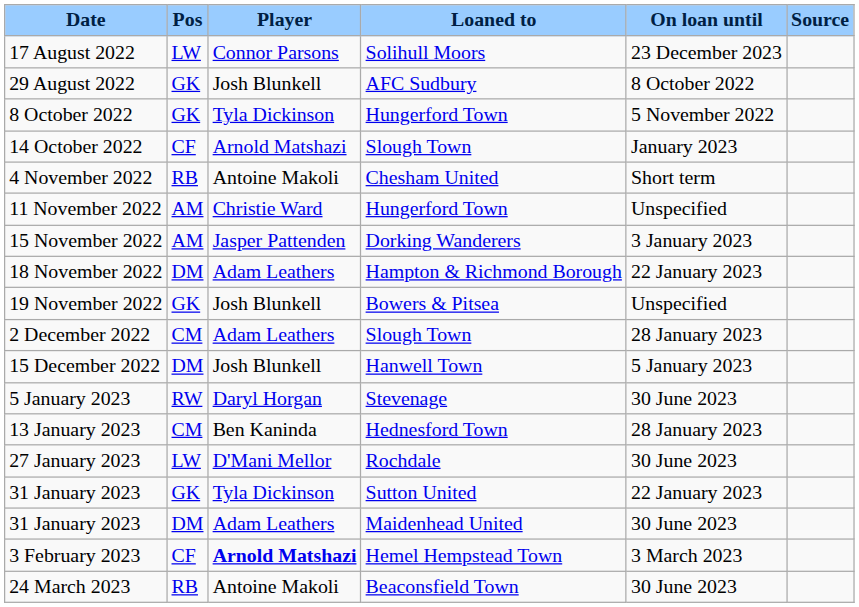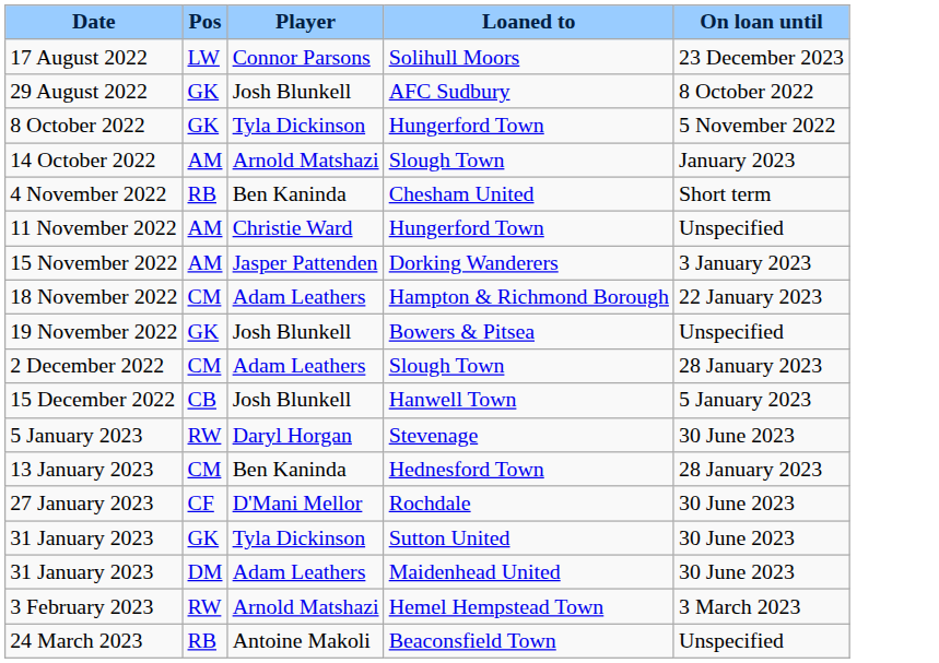 <table class="wikitable plainrowheaders sortable">
 <tr>
 <th style="background:#99ccff; color:#001f44; ">Date</th>
 <th style="background:#99ccff; color:#001f44; ">Pos</th>
 <th style="background:#99ccff; color:#001f44; ">Player</th>
 <th style="background:#99ccff; color:#001f44; ">Loaned to</th>
 <th style="background:#99ccff; color:#001f44; ">On loan until</th>
-<th style="background:#99ccff; color:#001f44; ">Source</th>
 </tr>
 <tr>
 <td>17 August 2022</td>
 <td><a href='#'>LW</a></td>
 <td> <a href='#'>Connor Parsons</a></td>
 <td> <a href='#'>Solihull Moors</a></td>
 <td>23 December 2023</td>
-<td></td>
 </tr>
 <tr>
 <td>29 August 2022</td>
 <td><a href='#'>GK</a></td>
 <td> Josh Blunkell</td>
 <td> <a href='#'>AFC Sudbury</a></td>
 <td>8 October 2022</td>
-<td></td>
 </tr>
 <tr>
 <td>8 October 2022</td>
 <td><a href='#'>GK</a></td>
 <td> <a href='#'>Tyla Dickinson</a></td>
 <td> <a href='#'>Hungerford Town</a></td>
 <td>5 November 2022</td>
-<td></td>
 </tr>
 <tr>
 <td>14 October 2022</td>
-<td><a href='#'>CF</a></td>
+<td><a href='#'>AM</a></td>
 <td> <a href='#'>Arnold Matshazi</a></td>
 <td> <a href='#'>Slough Town</a></td>
 <td>January 2023</td>
-<td></td>
 </tr>
 <tr>
 <td>4 November 2022</td>
 <td><a href='#'>RB</a></td>
-<td> Antoine Makoli</td>
+<td> Ben Kaninda</td>
 <td> <a href='#'>Chesham United</a></td>
 <td>Short term</td>
-<td></td>
 </tr>
 <tr>
 <td>11 November 2022</td>
 <td><a href='#'>AM</a></td>
 <td> <a href='#'>Christie Ward</a></td>
 <td> <a href='#'>Hungerford Town</a></td>
 <td>Unspecified</td>
-<td></td>
 </tr>
 <tr>
 <td>15 November 2022</td>
 <td><a href='#'>AM</a></td>
 <td> <a href='#'>Jasper Pattenden</a></td>
 <td> <a href='#'>Dorking Wanderers</a></td>
 <td>3 January 2023</td>
-<td></td>
 </tr>
 <tr>
 <td>18 November 2022</td>
-<td><a href='#'>DM</a></td>
+<td><a href='#'>CM</a></td>
 <td> <a href='#'>Adam Leathers</a></td>
 <td> <a href='#'>Hampton & Richmond Borough</a></td>
 <td>22 January 2023</td>
-<td></td>
 </tr>
 <tr>
 <td>19 November 2022</td>
 <td><a href='#'>GK</a></td>
 <td> Josh Blunkell</td>
 <td> <a href='#'>Bowers & Pitsea</a></td>
 <td>Unspecified</td>
-<td></td>
 </tr>
 <tr>
 <td>2 December 2022</td>
 <td><a href='#'>CM</a></td>
 <td> <a href='#'>Adam Leathers</a></td>
 <td> <a href='#'>Slough Town</a></td>
 <td>28 January 2023</td>
-<td></td>
 </tr>
 <tr>
 <td>15 December 2022</td>
-<td><a href='#'>DM</a></td>
+<td><a href='#'>CB</a></td>
 <td> Josh Blunkell</td>
 <td> <a href='#'>Hanwell Town</a></td>
 <td>5 January 2023</td>
-<td></td>
 </tr>
 <tr>
 <td>5 January 2023</td>
 <td><a href='#'>RW</a></td>
 <td> <a href='#'>Daryl Horgan</a></td>
 <td> <a href='#'>Stevenage</a></td>
 <td>30 June 2023</td>
-<td></td>
 </tr>
 <tr>
 <td>13 January 2023</td>
 <td><a href='#'>CM</a></td>
 <td> Ben Kaninda</td>
 <td> <a href='#'>Hednesford Town</a></td>
 <td>28 January 2023</td>
-<td></td>
 </tr>
 <tr>
 <td>27 January 2023</td>
-<td><a href='#'>LW</a></td>
+<td><a href='#'>CF</a></td>
 <td> <a href='#'>D'Mani Mellor</a></td>
 <td> <a href='#'>Rochdale</a></td>
 <td>30 June 2023</td>
-<td></td>
 </tr>
 <tr>
 <td>31 January 2023</td>
 <td><a href='#'>GK</a></td>
 <td> <a href='#'>Tyla Dickinson</a></td>
 <td> <a href='#'>Sutton United</a></td>
-<td>22 January 2023</td>
-<td></td>
+<td>30 June 2023</td>
 </tr>
 <tr>
 <td>31 January 2023</td>
 <td><a href='#'>DM</a></td>
 <td> <a href='#'>Adam Leathers</a></td>
 <td> <a href='#'>Maidenhead United</a></td>
 <td>30 June 2023</td>
-<td></td>
 </tr>
 <tr>
 <td>3 February 2023</td>
-<td><a href='#'>CF</a></td>
-<td><strong> <a href='#'>Arnold Matshazi</a></strong></td>
+<td><a href='#'>RW</a></td>
+<td> <a href='#'>Arnold Matshazi</a></td>
 <td> <a href='#'>Hemel Hempstead Town</a></td>
 <td>3 March 2023</td>
-<td></td>
 </tr>
 <tr>
 <td>24 March 2023</td>
 <td><a href='#'>RB</a></td>
 <td> Antoine Makoli</td>
 <td> <a href='#'>Beaconsfield Town</a></td>
-<td>30 June 2023</td>
-<td></td>
+<td>Unspecified</td>
 </tr>
 </table>
